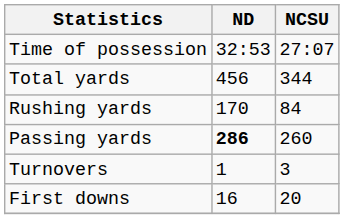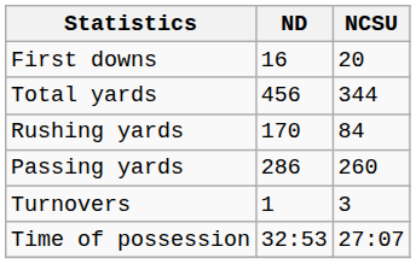 <table class="wikitable">
 <tr>
 <th>Statistics</th>
 <th>ND</th>
 <th>NCSU</th>
 </tr>
 <tr>
-<td>Time of possession</td>
-<td>32:53</td>
-<td>27:07</td>
+<td>First downs</td>
+<td>16</td>
+<td>20</td>
 </tr>
 <tr>
 <td>Total yards</td>
 <td>456</td>
 <td>344</td>
 </tr>
 <tr>
 <td>Rushing yards</td>
 <td>170</td>
 <td>84</td>
 </tr>
 <tr>
 <td>Passing yards</td>
-<td><strong>286</strong></td>
+<td>286</td>
 <td>260</td>
 </tr>
 <tr>
 <td>Turnovers</td>
 <td>1</td>
 <td>3</td>
 </tr>
 <tr>
-<td>First downs</td>
-<td>16</td>
-<td>20</td>
+<td>Time of possession</td>
+<td>32:53</td>
+<td>27:07</td>
 </tr>
 <tr>
 </tr>
 </table>
